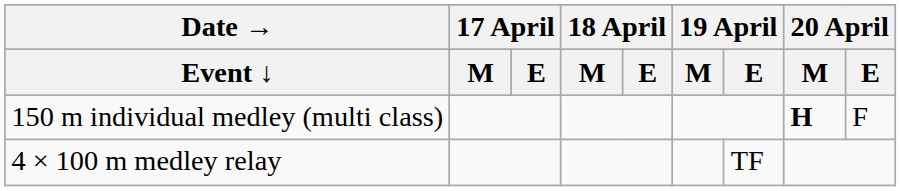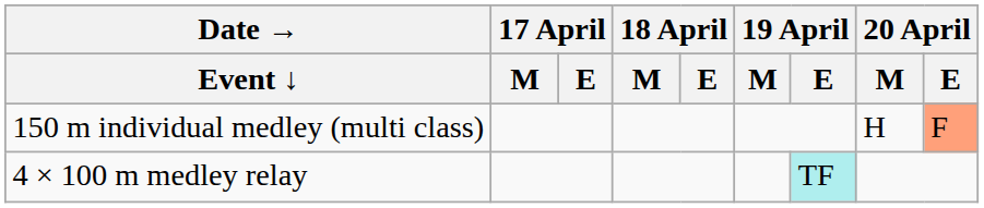 <table class="wikitable swimming-schedule floatleft">
 <tr>
 <th>Date →</th>
 <th colspan=2>17 April</th>
 <th colspan=2>18 April</th>
 <th colspan=2>19 April</th>
 <th colspan=2>20 April</th>
 </tr>
 <tr>
 <th>Event ↓</th>
 <th>M</th>
 <th>E</th>
 <th>M</th>
 <th>E</th>
 <th>M</th>
 <th>E</th>
 <th>M</th>
 <th>E</th>
 </tr>
 <tr>
 <td class=event>150 m individual medley (multi class)</td>
 <td colspan=2></td>
 <td colspan=2></td>
 <td colspan=2></td>
-<td class=heats><strong>H</strong></td>
-<td class=final>F</td>
+<td class=heats>H</td>
+<td class=final style="background: lightsalmon;">F</td>
 </tr>
 <tr>
 <td class=event>4 × 100 m medley relay</td>
 <td colspan=2></td>
 <td colspan=2></td>
 <td></td>
-<td class=timed-final>TF</td>
+<td class=timed-final style="background: paleturquoise;">TF</td>
 <td colspan=2></td>
 </tr>
 </table>
